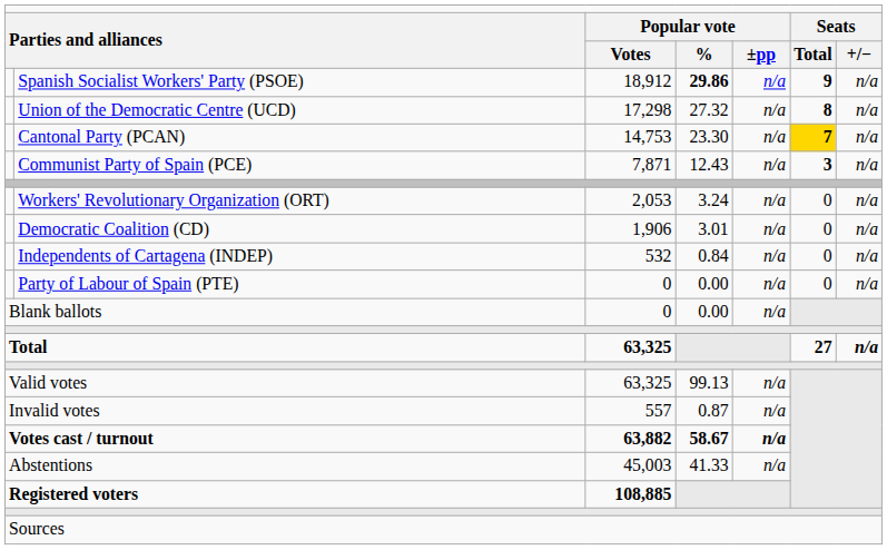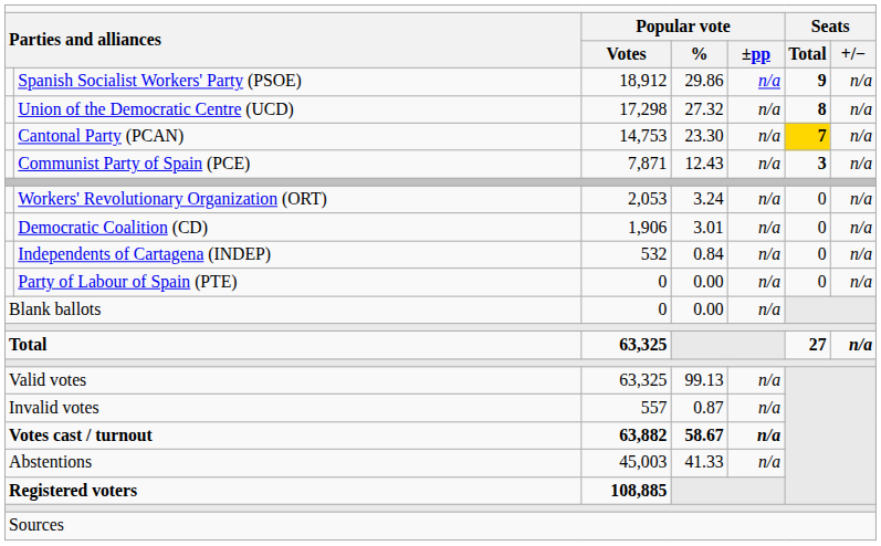 <table class="wikitable" style="text-align:right;">
 <tr>
 <td colspan="7"></td>
 </tr>
 <tr>
 <th style="text-align:left;" rowspan="2" colspan="2" width="525">Parties and alliances</th>
 <th colspan="3">Popular vote</th>
 <th colspan="2">Seats</th>
 </tr>
 <tr>
 <th width="75">Votes</th>
 <th width="45">%</th>
 <th width="45">±<a href='#'>pp</a></th>
 <th width="35">Total</th>
 <th width="35">+/−</th>
 </tr>
 <tr>
 <td width="1" style="color:inherit;background:"></td>
 <td align="left"><a href='#'>Spanish Socialist Workers' Party</a> (PSOE)</td>
 <td>18,912</td>
-<td><strong>29.86</strong></td>
+<td>29.86</td>
 <td><em><a href='#'>n/a</a></em></td>
 <td><strong>9</strong></td>
 <td><em>n/a</em></td>
 </tr>
 <tr>
 <td style="color:inherit;background:"></td>
 <td align="left"><a href='#'>Union of the Democratic Centre</a> (UCD)</td>
 <td>17,298</td>
 <td>27.32</td>
 <td><em>n/a</em></td>
 <td><strong>8</strong></td>
 <td><em>n/a</em></td>
 </tr>
 <tr>
 <td style="color:inherit;background:"></td>
 <td align="left"><a href='#'>Cantonal Party</a> (PCAN)</td>
 <td>14,753</td>
 <td>23.30</td>
 <td><em>n/a</em></td>
 <td style="background: gold;"><strong>7</strong></td>
 <td><em>n/a</em></td>
 </tr>
 <tr>
 <td style="color:inherit;background:"></td>
 <td align="left"><a href='#'>Communist Party of Spain</a> (PCE)</td>
 <td>7,871</td>
 <td>12.43</td>
 <td><em>n/a</em></td>
 <td><strong>3</strong></td>
 <td><em>n/a</em></td>
 </tr>
 <tr>
 <td colspan="7" bgcolor="#C0C0C0"></td>
 </tr>
 <tr>
 <td style="color:inherit;background:"></td>
 <td align="left"><a href='#'>Workers' Revolutionary Organization</a> (ORT)</td>
 <td>2,053</td>
 <td>3.24</td>
 <td><em>n/a</em></td>
 <td>0</td>
 <td><em>n/a</em></td>
 </tr>
 <tr>
 <td style="color:inherit;background:"></td>
 <td align="left"><a href='#'>Democratic Coalition</a> (CD)</td>
 <td>1,906</td>
 <td>3.01</td>
 <td><em>n/a</em></td>
 <td>0</td>
 <td><em>n/a</em></td>
 </tr>
 <tr>
 <td style="color:inherit;background:"></td>
 <td align="left"><a href='#'>Independents of Cartagena</a> (INDEP)</td>
 <td>532</td>
 <td>0.84</td>
 <td><em>n/a</em></td>
 <td>0</td>
 <td><em>n/a</em></td>
 </tr>
 <tr>
 <td style="color:inherit;background:"></td>
 <td align="left"><a href='#'>Party of Labour of Spain</a> (PTE)</td>
 <td>0</td>
 <td>0.00</td>
 <td><em>n/a</em></td>
 <td>0</td>
 <td><em>n/a</em></td>
 </tr>
 <tr>
 <td align="left" colspan="2">Blank ballots</td>
 <td>0</td>
 <td>0.00</td>
 <td><em>n/a</em></td>
 <td bgcolor="#E9E9E9" colspan="2"></td>
 </tr>
 <tr>
 <td colspan="7" bgcolor="#E9E9E9"></td>
 </tr>
 <tr style="font-weight:bold;">
 <td align="left" colspan="2">Total</td>
 <td>63,325</td>
 <td bgcolor="#E9E9E9" colspan="2"></td>
 <td>27</td>
 <td><em>n/a</em></td>
 </tr>
 <tr>
 <td colspan="7" bgcolor="#E9E9E9"></td>
 </tr>
 <tr>
 <td align="left" colspan="2">Valid votes</td>
 <td>63,325</td>
 <td>99.13</td>
 <td><em>n/a</em></td>
 <td bgcolor="#E9E9E9" colspan="2" rowspan="5"></td>
 </tr>
 <tr>
 <td align="left" colspan="2">Invalid votes</td>
 <td>557</td>
 <td>0.87</td>
 <td><em>n/a</em></td>
 </tr>
 <tr style="font-weight:bold;">
 <td align="left" colspan="2">Votes cast / turnout</td>
 <td>63,882</td>
 <td>58.67</td>
 <td><em>n/a</em></td>
 </tr>
 <tr>
 <td align="left" colspan="2">Abstentions</td>
 <td>45,003</td>
 <td>41.33</td>
 <td><em>n/a</em></td>
 </tr>
 <tr style="font-weight:bold;">
 <td align="left" colspan="2">Registered voters</td>
 <td>108,885</td>
 <td bgcolor="#E9E9E9" colspan="2"></td>
 </tr>
 <tr>
 <td colspan="7" bgcolor="#E9E9E9"></td>
 </tr>
 <tr>
 <td align="left" colspan="7">Sources</td>
 </tr>
 </table>
